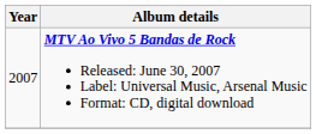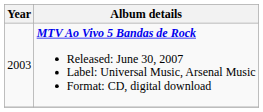 <table class="wikitable" style=text-align:center;>
 <tr>
 <th align="left">Year</th>
 <th align="left">Album details</th>
 </tr>
 <tr>
-<td>2007</td>
+<td>2003</td>
 <td align=left><strong><em><a href='#'>MTV Ao Vivo 5 Bandas de Rock</a></em></strong><br><ul><li>Released: June 30, 2007</li><li>Label: Universal Music, Arsenal Music</li><li>Format: CD, digital download</li></ul></td>
 </tr>
 <tr>
 </tr>
 </table>
